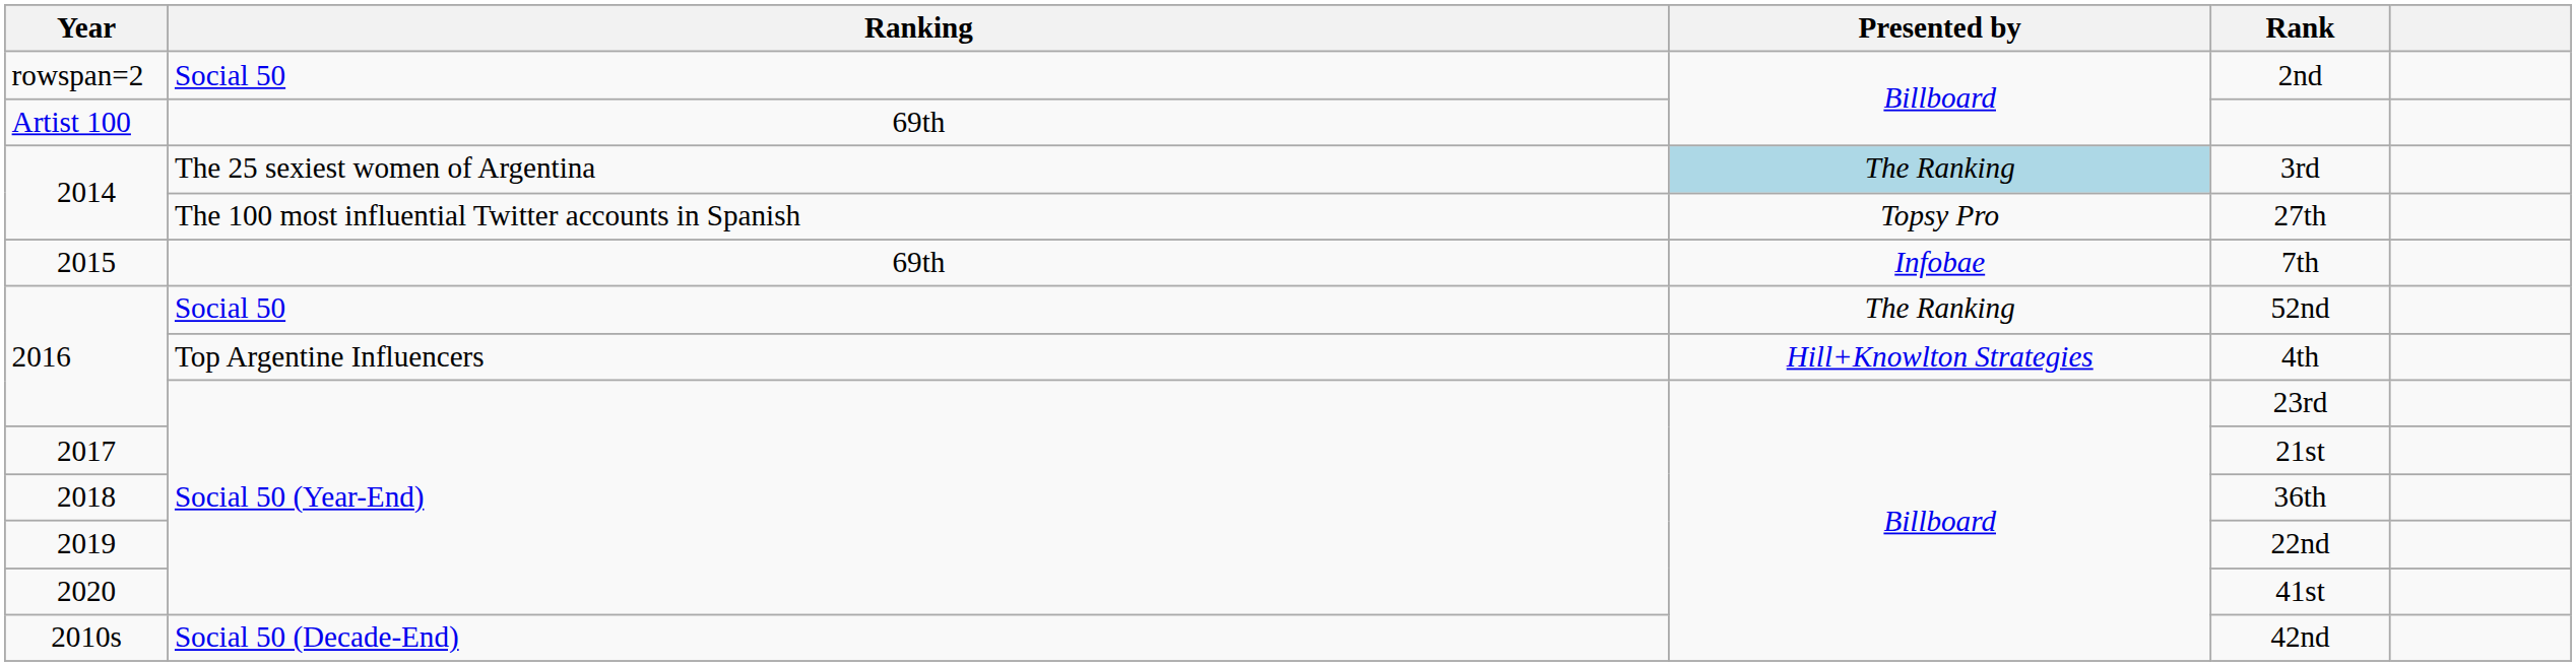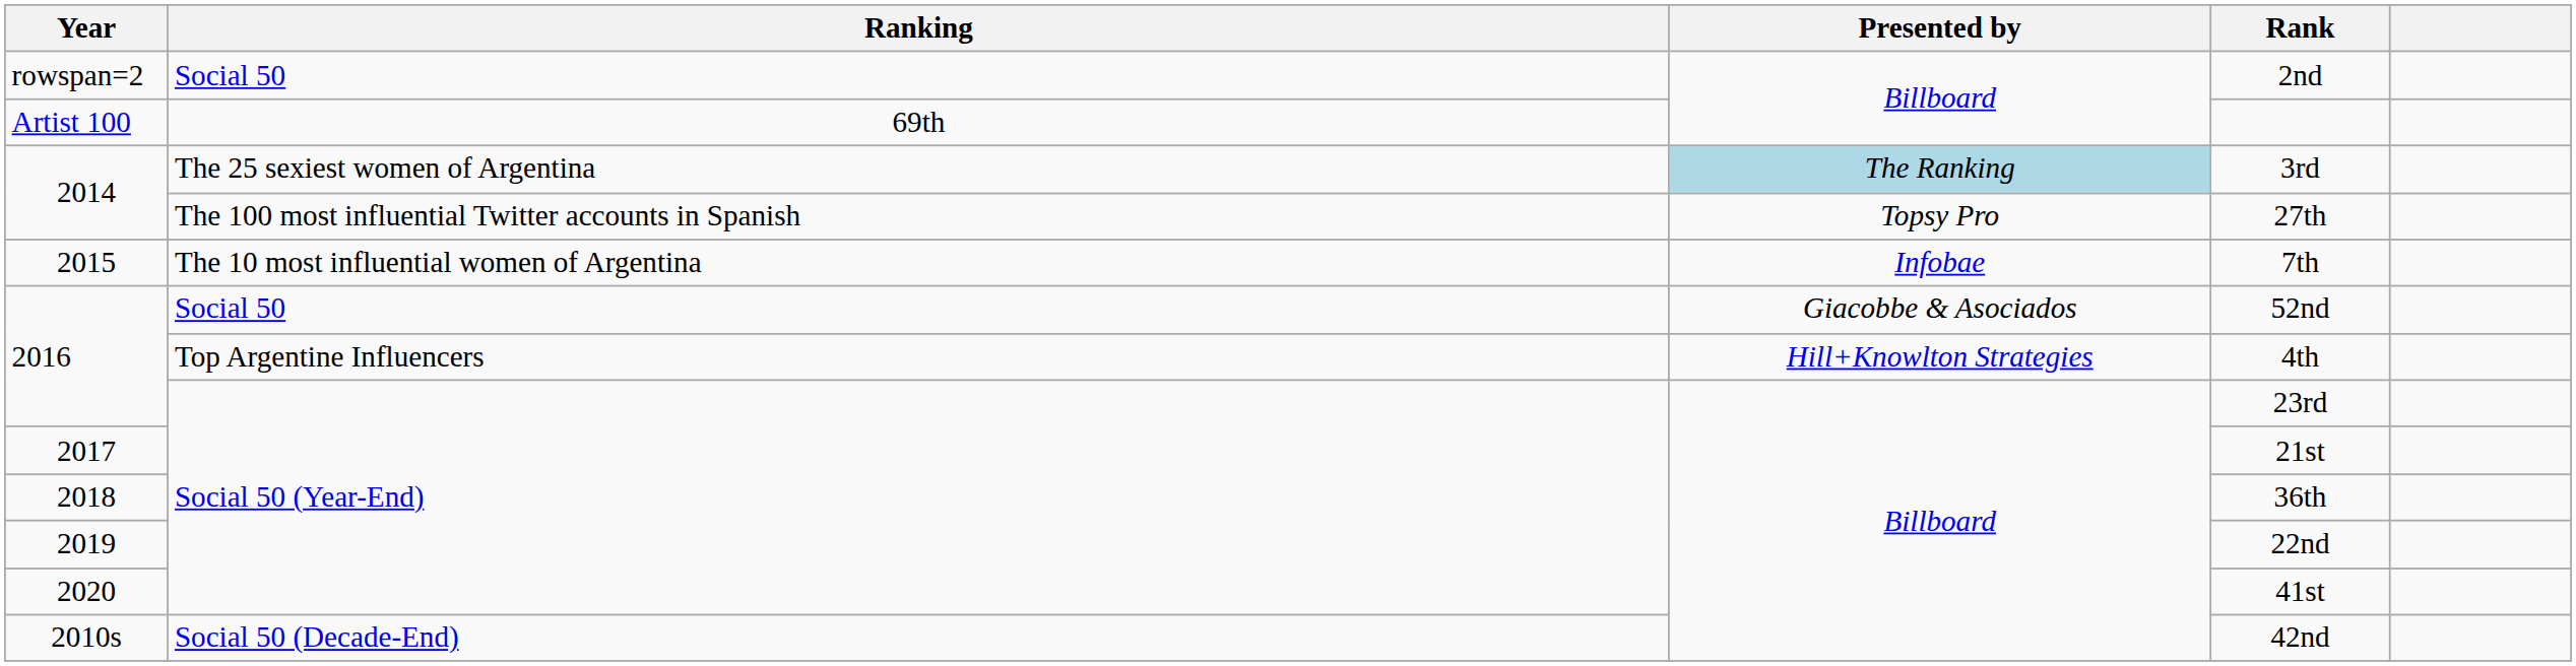 <table class="wikitable" style="width:70%;">
 <tr>
 <th scope="col" style="width:4%;">Year</th>
 <th scope="col" style="width:50%;">Ranking</th>
 <th scope="col" style="width:18%;">Presented by</th>
 <th scope="col" style="width:6%;">Rank</th>
 <th scope="col" style="width:6%;"></th>
 </tr>
 <tr>
 <td>rowspan=2 </td>
 <td><a href='#'>Social 50</a></td>
 <td align="center" rowspan="2"><em><a href='#'>Billboard</a></em></td>
 <td align="center">2nd</td>
 <td align="center"></td>
 </tr>
 <tr>
 <td><a href='#'>Artist 100</a></td>
 <td align="center">69th</td>
 <td align="center"></td>
 </tr>
 <tr>
 <td rowspan=2 align=center>2014</td>
 <td>The 25 sexiest women of Argentina</td>
 <td align="center" style="background: lightblue;"><em>The Ranking</em></td>
 <td align="center">3rd</td>
 <td align="center"></td>
 </tr>
 <tr>
 <td>The 100 most influential Twitter accounts in Spanish</td>
 <td align="center"><em>Topsy Pro</em></td>
 <td align="center">27th</td>
 <td align="center"></td>
 </tr>
 <tr>
 <td align="center">2015</td>
-<td align="center">69th</td>
+<td>The 10 most influential women of Argentina</td>
 <td align="center"><em><a href='#'>Infobae</a></em></td>
 <td align="center">7th</td>
 <td align="center"></td>
 </tr>
 <tr>
 <td rowspan="3">2016</td>
 <td><a href='#'>Social 50</a></td>
-<td align="center"><em>The Ranking</em></td>
+<td align="center"><em>Giacobbe & Asociados</em></td>
 <td align="center">52nd</td>
 <td align="center"></td>
 </tr>
 <tr>
 <td>Top Argentine Influencers</td>
 <td align="center"><em><a href='#'>Hill+Knowlton Strategies</a></em></td>
 <td align="center">4th</td>
 <td align="center"></td>
 </tr>
 <tr>
 <td rowspan="5"><a href='#'>Social 50 (Year-End)</a></td>
 <td rowspan="6" align="center"><em><a href='#'>Billboard</a></em></td>
 <td align="center">23rd</td>
 <td align="center"></td>
 </tr>
 <tr>
 <td align="center">2017</td>
 <td align="center">21st</td>
 <td align="center"></td>
 </tr>
 <tr>
 <td align="center">2018</td>
 <td align="center">36th</td>
 <td align="center"></td>
 </tr>
 <tr>
 <td align="center">2019</td>
 <td align="center">22nd</td>
 <td align="center"></td>
 </tr>
 <tr>
 <td align=center>2020</td>
 <td align=center>41st</td>
 <td align=center></td>
 </tr>
 <tr>
 <td align="center">2010s</td>
 <td><a href='#'>Social 50 (Decade-End)</a></td>
 <td align="center">42nd</td>
 <td align="center"></td>
 </tr>
 </table>
